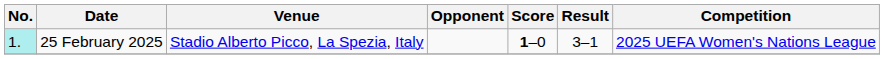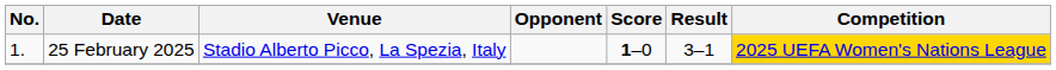 <table class="wikitable">
 <tr>
 <th>No.</th>
 <th>Date</th>
 <th>Venue</th>
 <th>Opponent</th>
 <th>Score</th>
 <th>Result</th>
 <th>Competition</th>
 </tr>
 <tr>
-<td style="background: paleturquoise;">1.</td>
+<td>1.</td>
 <td>25 February 2025</td>
 <td><a href='#'>Stadio Alberto Picco</a>, <a href='#'>La Spezia</a>, <a href='#'>Italy</a></td>
 <td></td>
 <td align=center><strong>1</strong>–0</td>
 <td align=center>3–1</td>
-<td><a href='#'>2025 UEFA Women's Nations League</a></td>
+<td style="background: gold;"><a href='#'>2025 UEFA Women's Nations League</a></td>
 </tr>
 <tr>
 </tr>
 </table>
